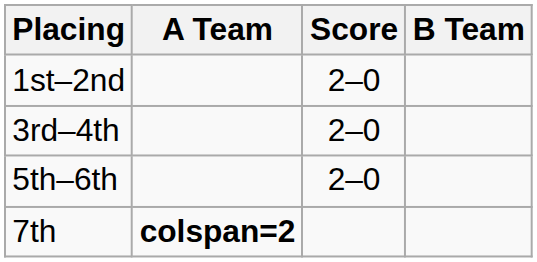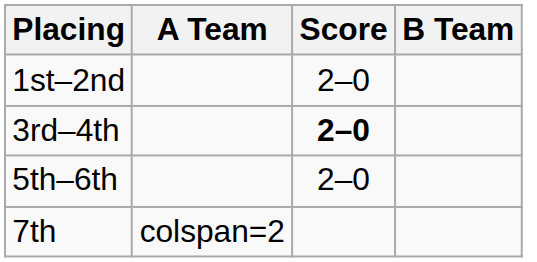 <table class=wikitable style="border:1px solid #AAAAAA;">
 <tr>
 <th>Placing</th>
 <th>A Team</th>
 <th>Score</th>
 <th>B Team</th>
 </tr>
 <tr>
 <td>1st–2nd</td>
 <td><strong></strong></td>
 <td align="center">2–0</td>
 <td></td>
 </tr>
 <tr>
 <td>3rd–4th</td>
 <td><strong></strong></td>
-<td align="center">2–0</td>
+<td align="center"><strong>2–0</strong></td>
 <td></td>
 </tr>
 <tr>
 <td>5th–6th</td>
 <td><strong></strong></td>
 <td align="center">2–0</td>
 <td></td>
 </tr>
 <tr>
 <td>7th</td>
-<td><strong>colspan=2 </strong></td>
+<td>colspan=2 </td>
 <td></td>
 </tr>
 </table>
